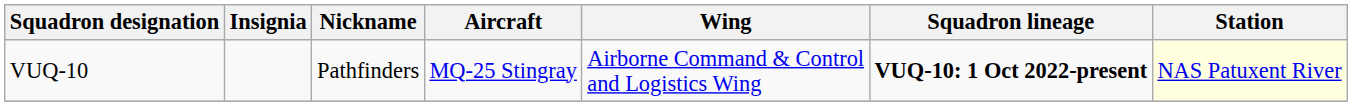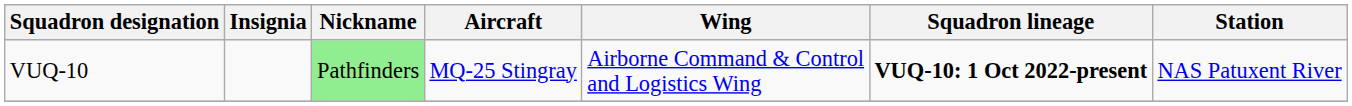 <table class="wikitable">
 <tr style="background:#CCCCCC;">
 <th>Squadron designation</th>
 <th>Insignia</th>
 <th>Nickname</th>
 <th>Aircraft</th>
 <th>Wing</th>
 <th>Squadron lineage</th>
 <th>Station</th>
 </tr>
 <tr>
 <td>VUQ-10</td>
 <td></td>
-<td>Pathfinders</td>
+<td style="background: lightgreen;">Pathfinders</td>
 <td><a href='#'>MQ-25 Stingray</a></td>
 <td style="white-space: nowrap;"><a href='#'>Airborne Command & Control<br>and Logistics Wing</a></td>
 <td style="white-space: nowrap;"><strong>VUQ-10: 1 Oct 2022-present</strong></td>
-<td style="background: lightyellow;"><a href='#'>NAS Patuxent River</a></td>
+<td><a href='#'>NAS Patuxent River</a></td>
 </tr>
 <tr>
 </tr>
 </table>
